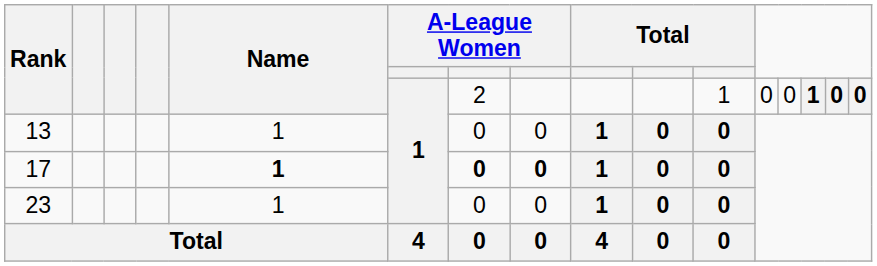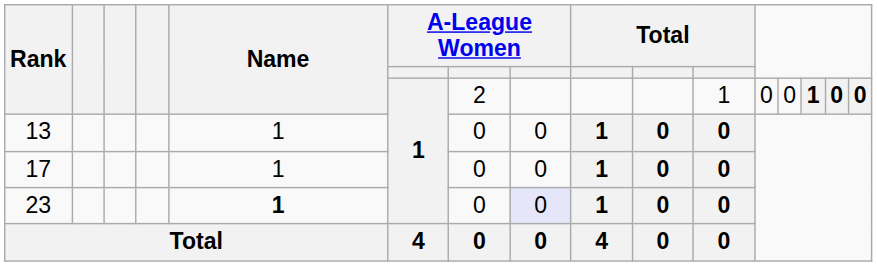 <table class="wikitable sortable" style="text-align:center;">
 <tr>
 <th rowspan="3" width="15">Rank</th>
 <th rowspan="3" width="15"></th>
 <th rowspan="3" width="15"></th>
 <th rowspan="3" width="15"></th>
 <th rowspan="3" width="145">Name</th>
 <th colspan="3" width="120"><a href='#'>A-League Women</a></th>
 <th colspan="3" width="120">Total</th>
 </tr>
 <tr>
 <th style="width:30px"></th>
 <th style="width:30px"></th>
 <th style="width:30px"></th>
 <th style="width:30px"></th>
 <th style="width:30px"></th>
 <th style="width:30px"></th>
 </tr>
 <tr>
 <th rowspan="4">1</th>
 <td>2</td>
 <td></td>
 <td></td>
 <td align="left"><br></td>
 <td>1</td>
 <td>0</td>
 <td>0<br></td>
 <th>1</th>
 <th>0</th>
 <th>0</th>
 </tr>
 <tr>
 <td>13</td>
 <td></td>
 <td></td>
 <td align="left"><br></td>
 <td>1</td>
 <td>0</td>
 <td>0<br></td>
 <th>1</th>
 <th>0</th>
 <th>0</th>
 </tr>
 <tr>
 <td>17</td>
 <td></td>
 <td></td>
 <td align="left"><br></td>
-<td><strong>1</strong></td>
-<td><strong>0</strong></td>
-<td><strong>0<br></strong></td>
+<td>1</td>
+<td>0</td>
+<td>0<br></td>
 <th>1</th>
 <th>0</th>
 <th>0</th>
 </tr>
 <tr>
 <td>23</td>
 <td></td>
 <td></td>
 <td align="left"><br></td>
-<td>1</td>
+<td><strong>1</strong></td>
 <td>0</td>
-<td>0<br></td>
+<td style="background: lavender;">0<br></td>
 <th>1</th>
 <th>0</th>
 <th>0</th>
 </tr>
 <tr>
 <th colspan="5">Total<br></th>
 <th>4</th>
 <th>0</th>
 <th>0<br></th>
 <th>4</th>
 <th>0</th>
 <th>0</th>
 </tr>
 </table>
